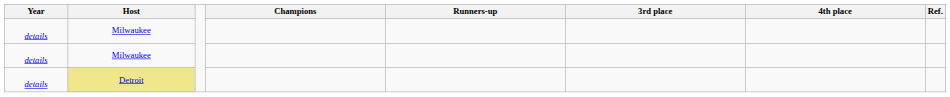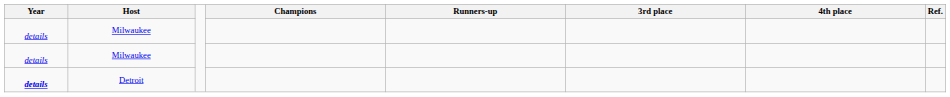 <table class="wikitable sortable" style="font-size:90%; text-align: center;">
 <tr>
 <th width=6%>Year</th>
 <th width=12%>Host</th>
 <td width=1% rowspan=28 style="border-top:none;border-bottom:none;"></td>
 <th width=17%>Champions</th>
 <th width=17%>Runners-up</th>
 <th width=17%>3rd place</th>
 <th width=17%>4th place</th>
 <th width=1% class=unsortable>Ref.</th>
 </tr>
 <tr>
 <td><br><em><a href='#'>details</a></em></td>
 <td> <a href='#'>Milwaukee</a><br></td>
 <td><strong></strong><br></td>
 <td><br></td>
 <td><br></td>
 <td></td>
 <td></td>
 </tr>
 <tr>
 <td><br><em><a href='#'>details</a></em></td>
 <td> <a href='#'>Milwaukee</a><br></td>
 <td><strong></strong><br></td>
 <td><br></td>
 <td><br></td>
 <td></td>
 <td></td>
 </tr>
 <tr>
-<td><br><em><a href='#'>details</a></em></td>
-<td style="background: khaki;"> <a href='#'>Detroit</a><br></td>
+<td><strong><br><em><a href='#'>details</a></em></strong></td>
+<td> <a href='#'>Detroit</a><br></td>
 <td><strong></strong><br></td>
 <td><br></td>
 <td></td>
 <td><br></td>
 <td></td>
 </tr>
 </table>
